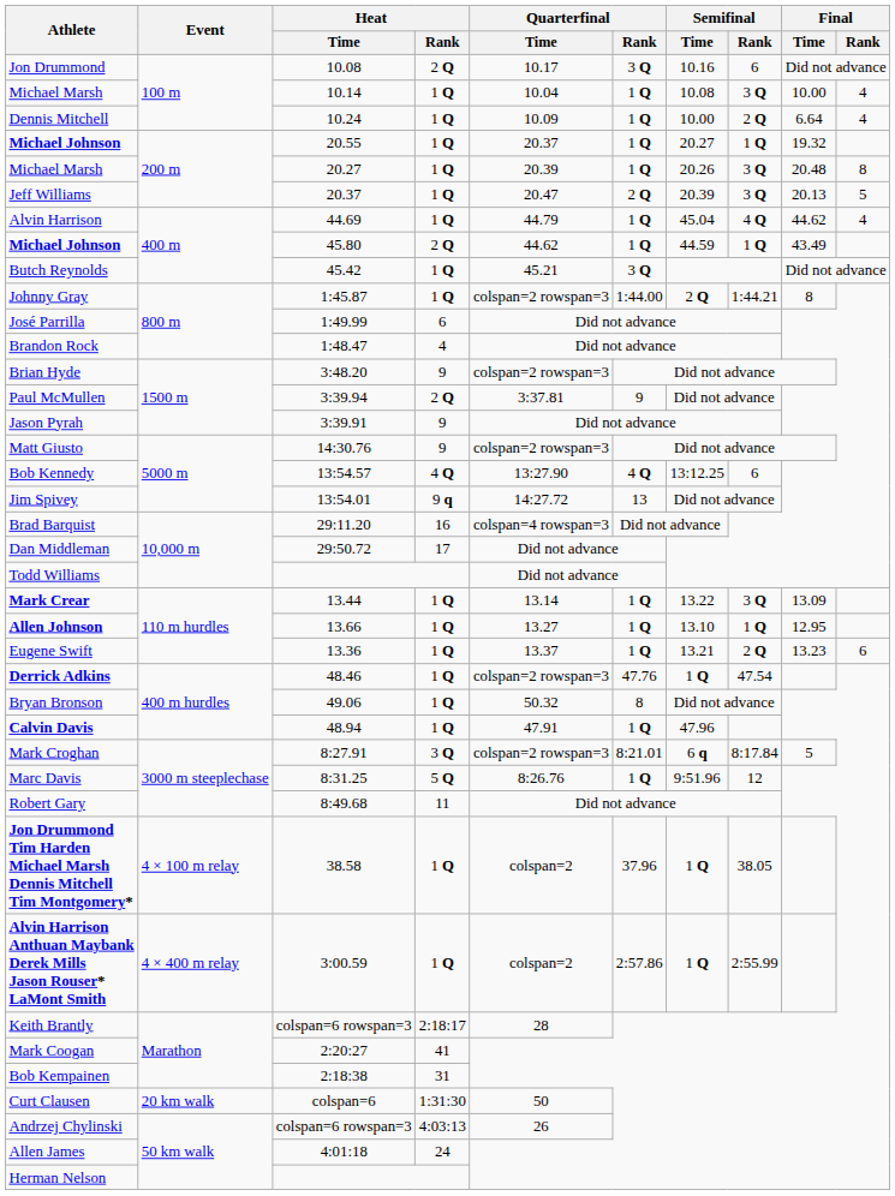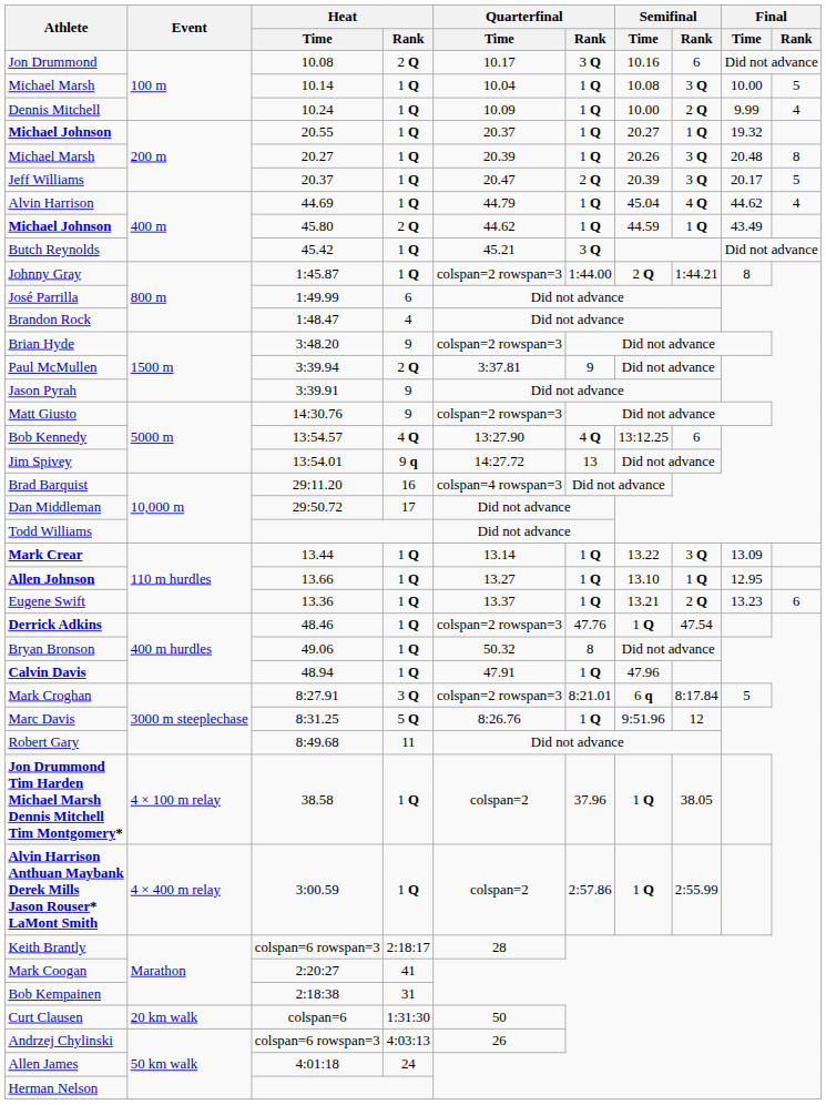 <table class=wikitable style=font-size:90%;text-align:center>
 <tr>
 <th rowspan=2>Athlete</th>
 <th rowspan=2>Event</th>
 <th colspan=2>Heat</th>
 <th colspan=2>Quarterfinal</th>
 <th colspan=2>Semifinal</th>
 <th colspan=2>Final</th>
 </tr>
 <tr style=font-size:95%>
 <th>Time</th>
 <th>Rank</th>
 <th>Time</th>
 <th>Rank</th>
 <th>Time</th>
 <th>Rank</th>
 <th>Time</th>
 <th>Rank</th>
 </tr>
 <tr>
 <td align=left><a href='#'>Jon Drummond</a></td>
 <td align=left rowspan=3><a href='#'>100 m</a></td>
 <td>10.08</td>
 <td>2 <strong>Q</strong></td>
 <td>10.17</td>
 <td>3 <strong>Q</strong></td>
 <td>10.16</td>
 <td>6</td>
 <td colspan=2>Did not advance</td>
 </tr>
 <tr>
 <td align=left><a href='#'>Michael Marsh</a></td>
 <td>10.14</td>
 <td>1 <strong>Q</strong></td>
 <td>10.04</td>
 <td>1 <strong>Q</strong></td>
 <td>10.08</td>
 <td>3 <strong>Q</strong></td>
 <td>10.00</td>
-<td>4</td>
+<td>5</td>
 </tr>
 <tr>
 <td align=left><a href='#'>Dennis Mitchell</a></td>
 <td>10.24</td>
 <td>1 <strong>Q</strong></td>
 <td>10.09</td>
 <td>1 <strong>Q</strong></td>
 <td>10.00</td>
 <td>2 <strong>Q</strong></td>
-<td>6.64</td>
+<td>9.99</td>
 <td>4</td>
 </tr>
 <tr>
 <td align=left><strong><a href='#'>Michael Johnson</a></strong></td>
 <td align=left rowspan=3><a href='#'>200 m</a></td>
 <td>20.55</td>
 <td>1 <strong>Q</strong></td>
 <td>20.37</td>
 <td>1 <strong>Q</strong></td>
 <td>20.27</td>
 <td>1 <strong>Q</strong></td>
 <td>19.32 </td>
 <td></td>
 </tr>
 <tr>
 <td align=left><a href='#'>Michael Marsh</a></td>
 <td>20.27</td>
 <td>1 <strong>Q</strong></td>
 <td>20.39</td>
 <td>1 <strong>Q</strong></td>
 <td>20.26</td>
 <td>3 <strong>Q</strong></td>
 <td>20.48</td>
 <td>8</td>
 </tr>
 <tr>
 <td align=left><a href='#'>Jeff Williams</a></td>
 <td>20.37</td>
 <td>1 <strong>Q</strong></td>
 <td>20.47</td>
 <td>2 <strong>Q</strong></td>
 <td>20.39</td>
 <td>3 <strong>Q</strong></td>
-<td>20.13</td>
+<td>20.17</td>
 <td>5</td>
 </tr>
 <tr>
 <td align=left><a href='#'>Alvin Harrison</a></td>
 <td align=left rowspan=3><a href='#'>400 m</a></td>
 <td>44.69</td>
 <td>1 <strong>Q</strong></td>
 <td>44.79</td>
 <td>1 <strong>Q</strong></td>
 <td>45.04</td>
 <td>4 <strong>Q</strong></td>
 <td>44.62</td>
 <td>4</td>
 </tr>
 <tr>
 <td align=left><strong><a href='#'>Michael Johnson</a></strong></td>
 <td>45.80</td>
 <td>2 <strong>Q</strong></td>
 <td>44.62</td>
 <td>1 <strong>Q</strong></td>
 <td>44.59</td>
 <td>1 <strong>Q</strong></td>
 <td>43.49 </td>
 <td></td>
 </tr>
 <tr>
 <td align=left><a href='#'>Butch Reynolds</a></td>
 <td>45.42</td>
 <td>1 <strong>Q</strong></td>
 <td>45.21</td>
 <td>3 <strong>Q</strong></td>
 <td colspan=2></td>
 <td colspan=2>Did not advance</td>
 </tr>
 <tr>
 <td align=left><a href='#'>Johnny Gray</a></td>
 <td align=left rowspan=3><a href='#'>800 m</a></td>
 <td>1:45.87</td>
 <td>1 <strong>Q</strong></td>
 <td>colspan=2 rowspan=3 </td>
 <td>1:44.00</td>
 <td>2 <strong>Q</strong></td>
 <td>1:44.21</td>
 <td>8</td>
 </tr>
 <tr>
 <td align=left><a href='#'>José Parrilla</a></td>
 <td>1:49.99</td>
 <td>6</td>
 <td colspan=4>Did not advance</td>
 </tr>
 <tr>
 <td align=left><a href='#'>Brandon Rock</a></td>
 <td>1:48.47</td>
 <td>4</td>
 <td colspan=4>Did not advance</td>
 </tr>
 <tr>
 <td align=left><a href='#'>Brian Hyde</a></td>
 <td align=left rowspan=3><a href='#'>1500 m</a></td>
 <td>3:48.20</td>
 <td>9</td>
 <td>colspan=2 rowspan=3 </td>
 <td colspan=4>Did not advance</td>
 </tr>
 <tr>
 <td align=left><a href='#'>Paul McMullen</a></td>
 <td>3:39.94</td>
 <td>2 <strong>Q</strong></td>
 <td>3:37.81</td>
 <td>9</td>
 <td colspan=2>Did not advance</td>
 </tr>
 <tr>
 <td align=left><a href='#'>Jason Pyrah</a></td>
 <td>3:39.91</td>
 <td>9</td>
 <td colspan=4>Did not advance</td>
 </tr>
 <tr>
 <td align=left><a href='#'>Matt Giusto</a></td>
 <td align=left rowspan=3><a href='#'>5000 m</a></td>
 <td>14:30.76</td>
 <td>9</td>
 <td>colspan=2 rowspan=3 </td>
 <td colspan=4>Did not advance</td>
 </tr>
 <tr>
 <td align=left><a href='#'>Bob Kennedy</a></td>
 <td>13:54.57</td>
 <td>4 <strong>Q</strong></td>
 <td>13:27.90</td>
 <td>4 <strong>Q</strong></td>
 <td>13:12.25</td>
 <td>6</td>
 </tr>
 <tr>
 <td align=left><a href='#'>Jim Spivey</a></td>
 <td>13:54.01</td>
 <td>9 <strong>q</strong></td>
 <td>14:27.72</td>
 <td>13</td>
 <td colspan=2>Did not advance</td>
 </tr>
 <tr>
 <td align=left><a href='#'>Brad Barquist</a></td>
 <td align=left rowspan=3><a href='#'>10,000 m</a></td>
 <td>29:11.20</td>
 <td>16</td>
 <td>colspan=4 rowspan=3 </td>
 <td colspan=2>Did not advance</td>
 </tr>
 <tr>
 <td align=left><a href='#'>Dan Middleman</a></td>
 <td>29:50.72</td>
 <td>17</td>
 <td colspan=2>Did not advance</td>
 </tr>
 <tr>
 <td align=left><a href='#'>Todd Williams</a></td>
 <td colspan=2></td>
 <td colspan=2>Did not advance</td>
 </tr>
 <tr>
 <td align=left><strong><a href='#'>Mark Crear</a></strong></td>
 <td align=left rowspan=3><a href='#'>110 m hurdles</a></td>
 <td>13.44</td>
 <td>1 <strong>Q</strong></td>
 <td>13.14</td>
 <td>1 <strong>Q</strong></td>
 <td>13.22</td>
 <td>3 <strong>Q</strong></td>
 <td>13.09</td>
 <td></td>
 </tr>
 <tr>
 <td align=left><strong><a href='#'>Allen Johnson</a></strong></td>
 <td>13.66</td>
 <td>1 <strong>Q</strong></td>
 <td>13.27</td>
 <td>1 <strong>Q</strong></td>
 <td>13.10</td>
 <td>1 <strong>Q</strong></td>
 <td>12.95 </td>
 <td></td>
 </tr>
 <tr>
 <td align=left><a href='#'>Eugene Swift</a></td>
 <td>13.36</td>
 <td>1 <strong>Q</strong></td>
 <td>13.37</td>
 <td>1 <strong>Q</strong></td>
 <td>13.21</td>
 <td>2 <strong>Q</strong></td>
 <td>13.23</td>
 <td>6</td>
 </tr>
 <tr>
 <td align=left><strong><a href='#'>Derrick Adkins</a></strong></td>
 <td align=left rowspan=3><a href='#'>400 m hurdles</a></td>
 <td>48.46</td>
 <td>1 <strong>Q</strong></td>
 <td>colspan=2 rowspan=3 </td>
 <td>47.76</td>
 <td>1 <strong>Q</strong></td>
 <td>47.54</td>
 <td></td>
 </tr>
 <tr>
 <td align=left><a href='#'>Bryan Bronson</a></td>
 <td>49.06</td>
 <td>1 <strong>Q</strong></td>
 <td>50.32</td>
 <td>8</td>
 <td colspan=2>Did not advance</td>
 </tr>
 <tr>
 <td align=left><strong><a href='#'>Calvin Davis</a></strong></td>
 <td>48.94</td>
 <td>1 <strong>Q</strong></td>
 <td>47.91</td>
 <td>1 <strong>Q</strong></td>
 <td>47.96</td>
 <td></td>
 </tr>
 <tr>
 <td align=left><a href='#'>Mark Croghan</a></td>
 <td align=left rowspan=3><a href='#'>3000 m steeplechase</a></td>
 <td>8:27.91</td>
 <td>3 <strong>Q</strong></td>
 <td>colspan=2 rowspan=3 </td>
 <td>8:21.01</td>
 <td>6 <strong>q</strong></td>
 <td>8:17.84</td>
 <td>5</td>
 </tr>
 <tr>
 <td align=left><a href='#'>Marc Davis</a></td>
 <td>8:31.25</td>
 <td>5 <strong>Q</strong></td>
 <td>8:26.76</td>
 <td>1 <strong>Q</strong></td>
 <td>9:51.96</td>
 <td>12</td>
 </tr>
 <tr>
 <td align=left><a href='#'>Robert Gary</a></td>
 <td>8:49.68</td>
 <td>11</td>
 <td colspan=4>Did not advance</td>
 </tr>
 <tr>
 <td align=left><strong><a href='#'>Jon Drummond</a><br><a href='#'>Tim Harden</a><br><a href='#'>Michael Marsh</a><br><a href='#'>Dennis Mitchell</a><br><a href='#'>Tim Montgomery</a>*</strong></td>
 <td align=left><a href='#'>4 × 100 m relay</a></td>
 <td>38.58</td>
 <td>1 <strong>Q</strong></td>
 <td>colspan=2 </td>
 <td>37.96</td>
 <td>1 <strong>Q</strong></td>
 <td>38.05</td>
 <td></td>
 </tr>
 <tr>
 <td align=left><strong><a href='#'>Alvin Harrison</a><br><a href='#'>Anthuan Maybank</a><br><a href='#'>Derek Mills</a><br><a href='#'>Jason Rouser</a>*<br><a href='#'>LaMont Smith</a></strong></td>
 <td align=left><a href='#'>4 × 400 m relay</a></td>
 <td>3:00.59</td>
 <td>1 <strong>Q</strong></td>
 <td>colspan=2 </td>
 <td>2:57.86</td>
 <td>1 <strong>Q</strong></td>
 <td>2:55.99</td>
 <td></td>
 </tr>
 <tr>
 <td align=left><a href='#'>Keith Brantly</a></td>
 <td align=left rowspan=3><a href='#'>Marathon</a></td>
 <td>colspan=6 rowspan=3 </td>
 <td>2:18:17</td>
 <td>28</td>
 </tr>
 <tr>
 <td align=left><a href='#'>Mark Coogan</a></td>
 <td>2:20:27</td>
 <td>41</td>
 </tr>
 <tr>
 <td align=left><a href='#'>Bob Kempainen</a></td>
 <td>2:18:38</td>
 <td>31</td>
 </tr>
 <tr>
 <td align=left><a href='#'>Curt Clausen</a></td>
 <td align=left><a href='#'>20 km walk</a></td>
 <td>colspan=6 </td>
 <td>1:31:30</td>
 <td>50</td>
 </tr>
 <tr>
 <td align=left><a href='#'>Andrzej Chylinski</a></td>
 <td align=left rowspan=3><a href='#'>50 km walk</a></td>
 <td>colspan=6 rowspan=3 </td>
 <td>4:03:13</td>
 <td>26</td>
 </tr>
 <tr>
 <td align=left><a href='#'>Allen James</a></td>
 <td>4:01:18</td>
 <td>24</td>
 </tr>
 <tr>
 <td align=left><a href='#'>Herman Nelson</a></td>
 <td colspan=2></td>
 </tr>
 </table>
